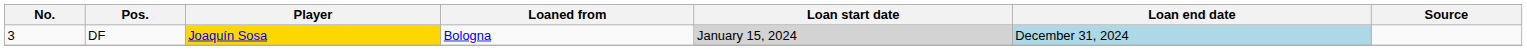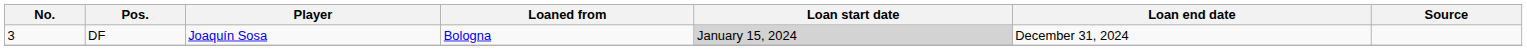 <table class="wikitable sortable" style="width:90%; text-align:center; font-size:95%; text-align:left;">
 <tr>
 <th>No.</th>
 <th>Pos.</th>
 <th>Player</th>
 <th>Loaned from</th>
 <th>Loan start date</th>
 <th>Loan end date</th>
 <th>Source</th>
 </tr>
 <tr>
 <td>3</td>
 <td>DF</td>
-<td style="background: gold;"> <a href='#'>Joaquín Sosa</a></td>
+<td> <a href='#'>Joaquín Sosa</a></td>
 <td> <a href='#'>Bologna</a></td>
 <td style="background: lightgrey;">January 15, 2024</td>
-<td style="background: lightblue;">December 31, 2024</td>
+<td>December 31, 2024</td>
 <td></td>
 </tr>
 <tr>
 </tr>
 </table>
